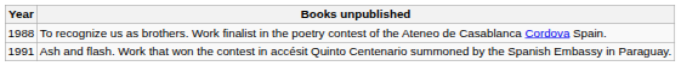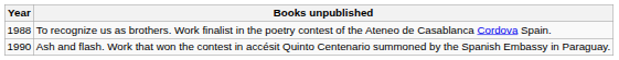 <table class="wikitable">
 <tr>
 <th>Year</th>
 <th>Books unpublished</th>
 </tr>
 <tr ------>
 <td>1988</td>
 <td>To recognize us as brothers. Work finalist in the poetry contest of the Ateneo de Casablanca <a href='#'>Cordova</a> Spain.</td>
 </tr>
 <tr -------->
-<td>1991</td>
+<td>1990</td>
 <td>Ash and flash. Work that won the contest in accésit Quinto Centenario summoned by the Spanish Embassy in Paraguay.</td>
 </tr>
 </table>
